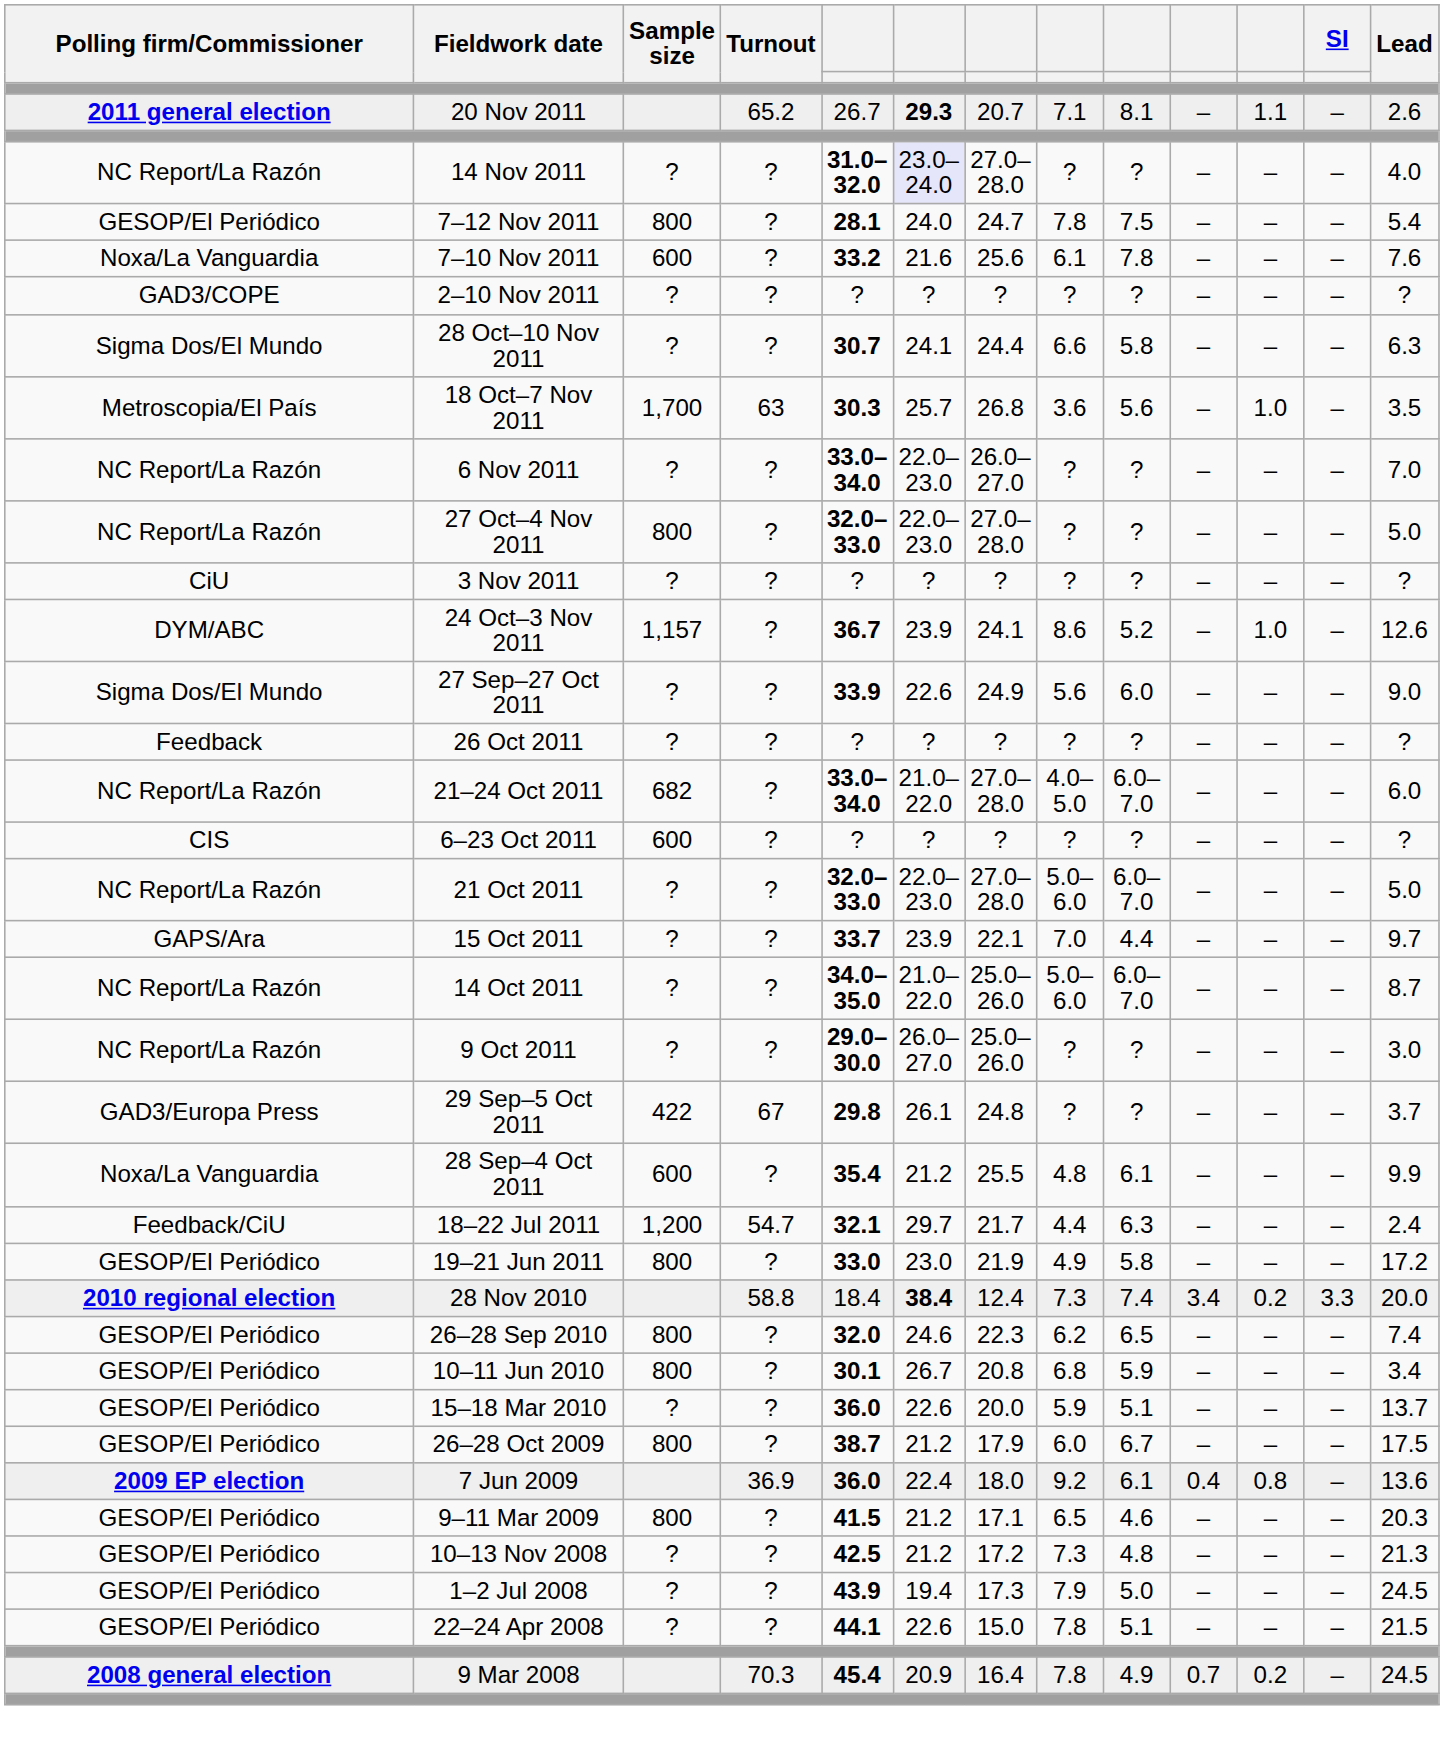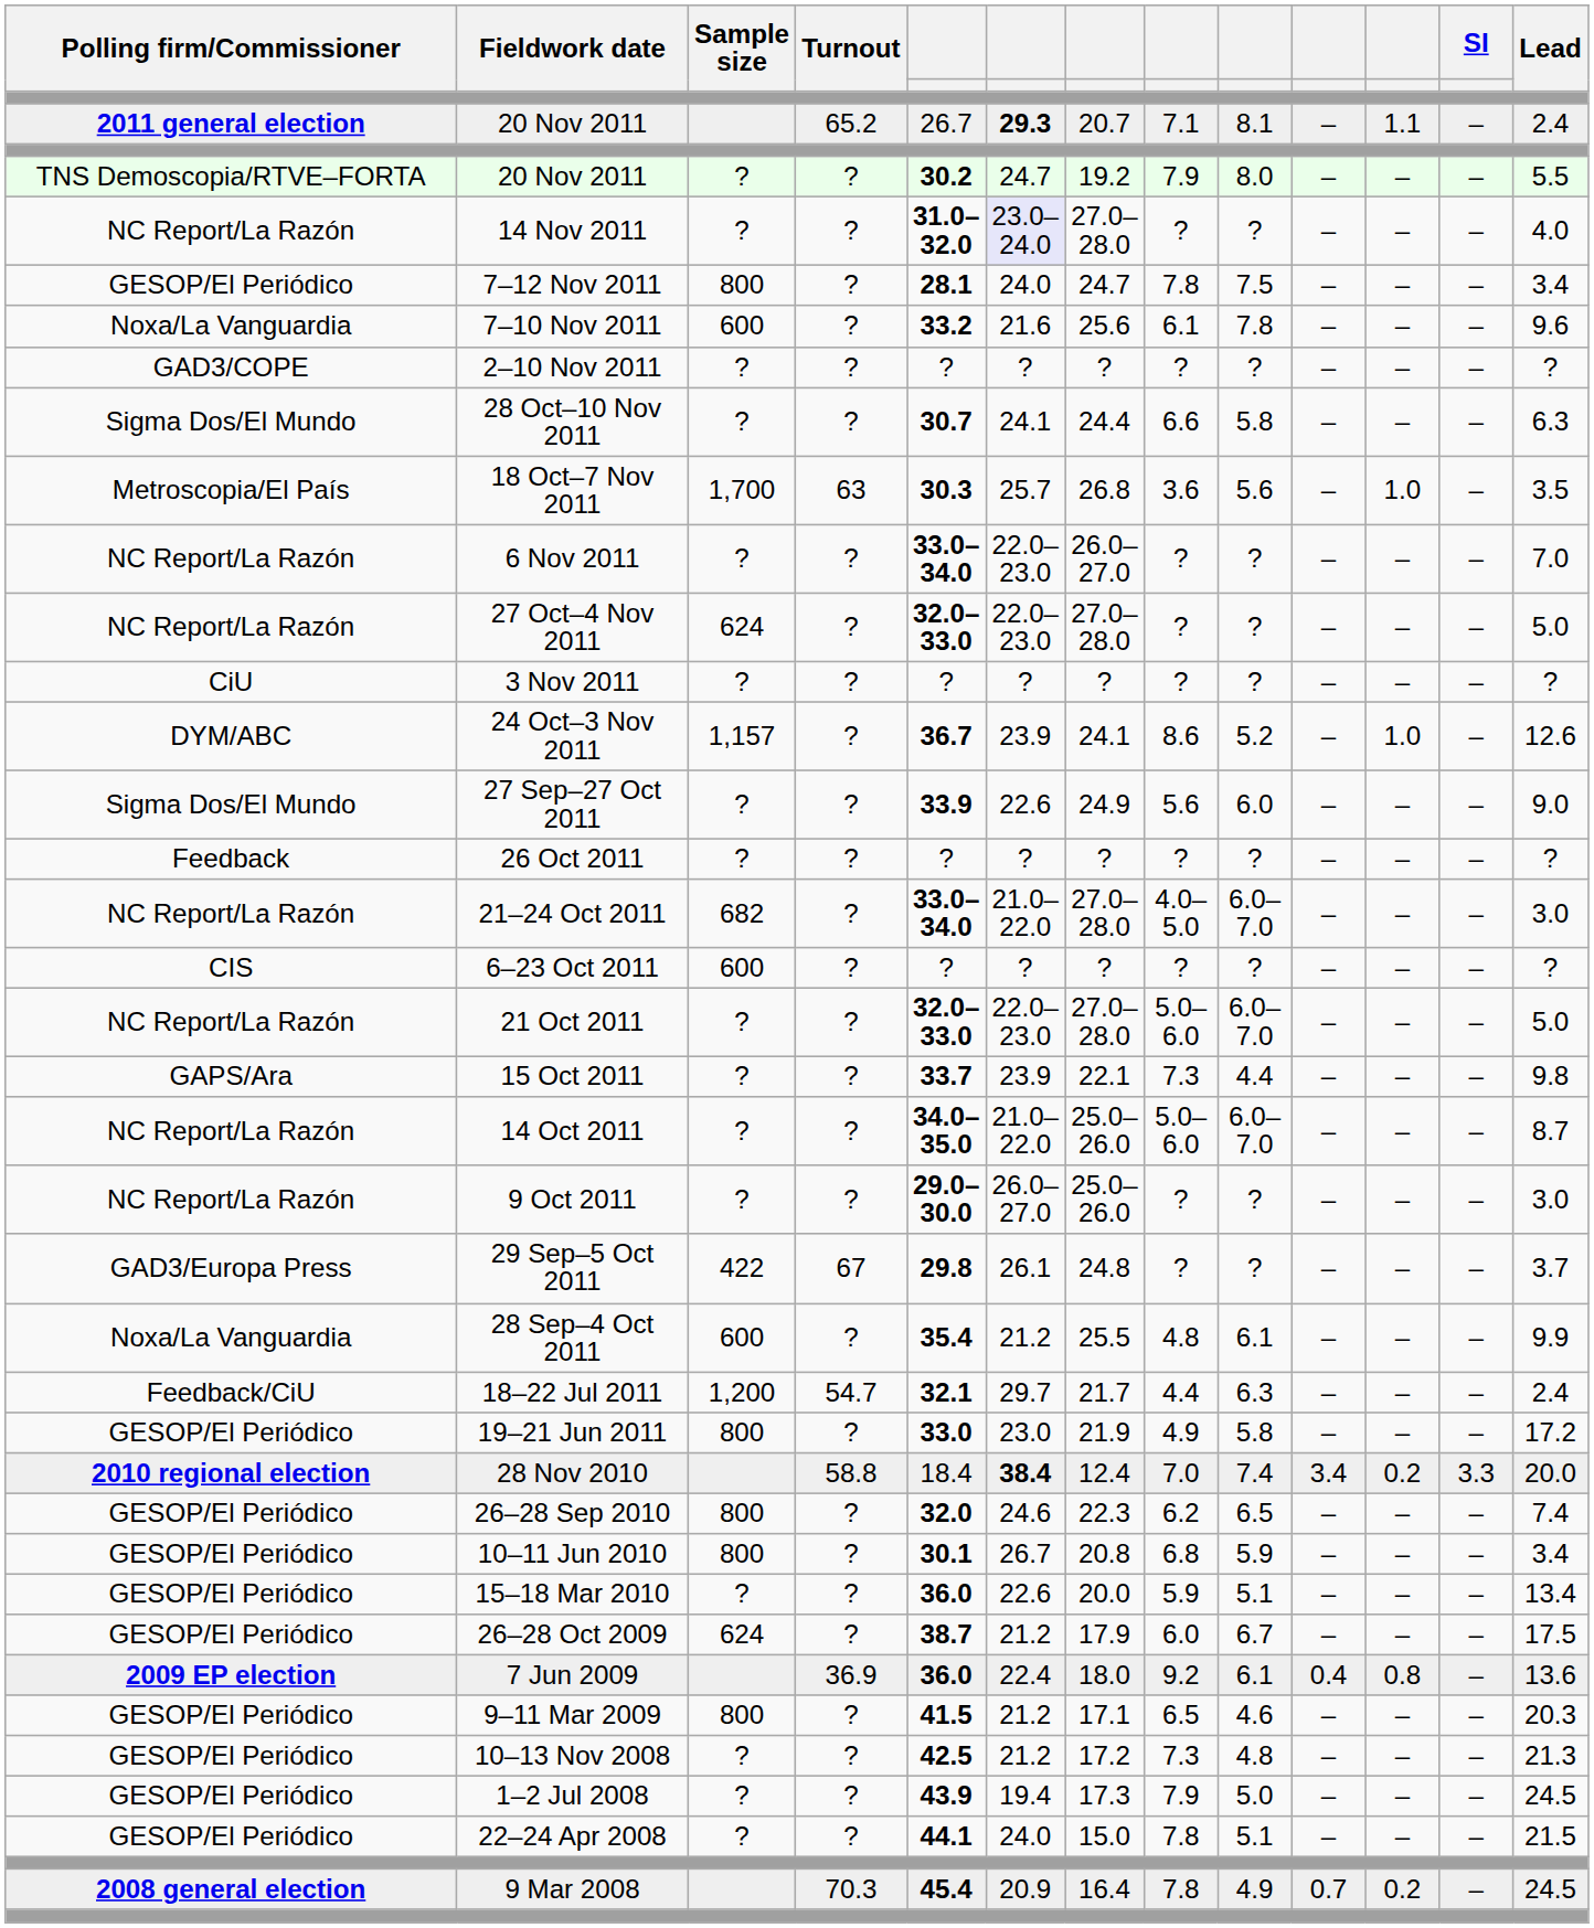 <table class="wikitable collapsible collapsed" style="text-align:center; font-size:95%; line-height:16px;">
 <tr style="height:42px;">
 <th style="width:250px;" rowspan="2">Polling firm/Commissioner</th>
 <th style="width:125px;" rowspan="2">Fieldwork date</th>
 <th style="width:50px;" rowspan="2">Sample size</th>
 <th style="width:45px;" rowspan="2">Turnout</th>
 <th style="width:35px;"></th>
 <th style="width:35px;"></th>
 <th style="width:35px;"></th>
 <th style="width:35px;"></th>
 <th style="width:35px;"></th>
 <th style="width:35px;"></th>
 <th style="width:35px;"></th>
 <th style="width:35px;"><a href='#'>SI</a></th>
 <th style="width:30px;" rowspan="2">Lead</th>
 </tr>
 <tr>
 <th style="color:inherit;background:"></th>
 <th style="color:inherit;background:"></th>
 <th style="color:inherit;background:"></th>
 <th style="color:inherit;background:"></th>
 <th style="color:inherit;background:"></th>
 <th style="color:inherit;background:"></th>
 <th style="color:inherit;background:"></th>
 <th style="color:inherit;background:"></th>
 </tr>
 <tr>
 <td colspan="13" style="background:#A0A0A0"></td>
 </tr>
 <tr style="background:#EFEFEF;">
 <td><strong><a href='#'>2011 general election</a></strong></td>
 <td>20 Nov 2011</td>
 <td></td>
 <td>65.2</td>
 <td>26.7<br></td>
 <td><strong>29.3</strong><br></td>
 <td>20.7<br></td>
 <td>7.1<br></td>
 <td>8.1<br></td>
 <td>–</td>
 <td>1.1<br></td>
 <td>–</td>
-<td style="background:">2.6</td>
+<td style="background:">2.4</td>
 </tr>
 <tr>
 <td colspan="13" style="background:#A0A0A0"></td>
+</tr>
+<tr style="background:#EAFFEA;">
+<td>TNS Demoscopia/RTVE–FORTA</td>
+<td>20 Nov 2011</td>
+<td>?</td>
+<td>?</td>
+<td><strong>30.2</strong><br></td>
+<td>24.7<br></td>
+<td>19.2<br></td>
+<td>7.9<br></td>
+<td>8.0<br></td>
+<td>–</td>
+<td>–</td>
+<td>–</td>
+<td style="background:">5.5</td>
 </tr>
 <tr>
 <td>NC Report/La Razón</td>
 <td>14 Nov 2011</td>
 <td>?</td>
 <td>?</td>
 <td><strong>31.0–<br>32.0</strong><br></td>
 <td style="background: lavender;">23.0–<br>24.0<br></td>
 <td>27.0–<br>28.0<br></td>
 <td>?<br></td>
 <td>?<br></td>
 <td>–</td>
 <td>–</td>
 <td>–</td>
 <td style="background:">4.0</td>
 </tr>
 <tr>
 <td>GESOP/El Periódico</td>
 <td>7–12 Nov 2011</td>
 <td>800</td>
 <td>?</td>
 <td><strong>28.1</strong><br></td>
 <td>24.0<br></td>
 <td>24.7<br></td>
 <td>7.8<br></td>
 <td>7.5<br></td>
 <td>–</td>
 <td>–</td>
 <td>–</td>
-<td style="background:">5.4</td>
+<td style="background:">3.4</td>
 </tr>
 <tr>
 <td>Noxa/La Vanguardia</td>
 <td>7–10 Nov 2011</td>
 <td>600</td>
 <td>?</td>
 <td><strong>33.2</strong><br></td>
 <td>21.6<br></td>
 <td>25.6<br></td>
 <td>6.1<br></td>
 <td>7.8<br></td>
 <td>–</td>
 <td>–</td>
 <td>–</td>
-<td style="background:">7.6</td>
+<td style="background:">9.6</td>
 </tr>
 <tr>
 <td>GAD3/COPE</td>
 <td>2–10 Nov 2011</td>
 <td>?</td>
 <td>?</td>
 <td>?<br></td>
 <td>?<br></td>
 <td>?<br></td>
 <td>?<br></td>
 <td>?<br></td>
 <td>–</td>
 <td>–</td>
 <td>–</td>
 <td style="background:">?</td>
 </tr>
 <tr>
 <td>Sigma Dos/El Mundo</td>
 <td>28 Oct–10 Nov 2011</td>
 <td>?</td>
 <td>?</td>
 <td><strong>30.7</strong><br></td>
 <td>24.1<br></td>
 <td>24.4<br></td>
 <td>6.6<br></td>
 <td>5.8<br></td>
 <td>–</td>
 <td>–</td>
 <td>–</td>
 <td style="background:">6.3</td>
 </tr>
 <tr>
 <td>Metroscopia/El País</td>
 <td>18 Oct–7 Nov 2011</td>
 <td>1,700</td>
 <td>63</td>
 <td><strong>30.3</strong><br></td>
 <td>25.7<br></td>
 <td>26.8<br></td>
 <td>3.6<br></td>
 <td>5.6<br></td>
 <td>–</td>
 <td>1.0<br></td>
 <td>–</td>
 <td style="background:">3.5</td>
 </tr>
 <tr>
 <td>NC Report/La Razón</td>
 <td>6 Nov 2011</td>
 <td>?</td>
 <td>?</td>
 <td><strong>33.0–<br>34.0</strong><br></td>
 <td>22.0–<br>23.0<br></td>
 <td>26.0–<br>27.0<br></td>
 <td>?<br></td>
 <td>?<br></td>
 <td>–</td>
 <td>–</td>
 <td>–</td>
 <td style="background:">7.0</td>
 </tr>
 <tr>
 <td>NC Report/La Razón</td>
 <td>27 Oct–4 Nov 2011</td>
-<td>800</td>
+<td>624</td>
 <td>?</td>
 <td><strong>32.0–<br>33.0</strong><br></td>
 <td>22.0–<br>23.0<br></td>
 <td>27.0–<br>28.0<br></td>
 <td>?<br></td>
 <td>?<br></td>
 <td>–</td>
 <td>–</td>
 <td>–</td>
 <td style="background:">5.0</td>
 </tr>
 <tr>
 <td>CiU</td>
 <td>3 Nov 2011</td>
 <td>?</td>
 <td>?</td>
 <td>?<br></td>
 <td>?<br></td>
 <td>?<br></td>
 <td>?<br></td>
 <td>?<br></td>
 <td>–</td>
 <td>–</td>
 <td>–</td>
 <td style="background:">?</td>
 </tr>
 <tr>
 <td>DYM/ABC</td>
 <td>24 Oct–3 Nov 2011</td>
 <td>1,157</td>
 <td>?</td>
 <td><strong>36.7</strong><br></td>
 <td>23.9<br></td>
 <td>24.1<br></td>
 <td>8.6<br></td>
 <td>5.2<br></td>
 <td>–</td>
 <td>1.0<br></td>
 <td>–</td>
 <td style="background:">12.6</td>
 </tr>
 <tr>
 <td>Sigma Dos/El Mundo</td>
 <td>27 Sep–27 Oct 2011</td>
 <td>?</td>
 <td>?</td>
 <td><strong>33.9</strong><br></td>
 <td>22.6<br></td>
 <td>24.9<br></td>
 <td>5.6<br></td>
 <td>6.0<br></td>
 <td>–</td>
 <td>–</td>
 <td>–</td>
 <td style="background:">9.0</td>
 </tr>
 <tr>
 <td>Feedback</td>
 <td>26 Oct 2011</td>
 <td>?</td>
 <td>?</td>
 <td>?<br></td>
 <td>?<br></td>
 <td>?<br></td>
 <td>?<br></td>
 <td>?<br></td>
 <td>–</td>
 <td>–</td>
 <td>–</td>
 <td style="background:">?</td>
 </tr>
 <tr>
 <td>NC Report/La Razón</td>
 <td>21–24 Oct 2011</td>
 <td>682</td>
 <td>?</td>
 <td><strong>33.0–<br>34.0</strong><br></td>
 <td>21.0–<br>22.0<br></td>
 <td>27.0–<br>28.0<br></td>
 <td>4.0–<br>5.0<br></td>
 <td>6.0–<br>7.0<br></td>
 <td>–</td>
 <td>–</td>
 <td>–</td>
-<td style="background:">6.0</td>
+<td style="background:">3.0</td>
 </tr>
 <tr>
 <td>CIS</td>
 <td>6–23 Oct 2011</td>
 <td>600</td>
 <td>?</td>
 <td>?<br></td>
 <td>?<br></td>
 <td>?<br></td>
 <td>?<br></td>
 <td>?<br></td>
 <td>–</td>
 <td>–</td>
 <td>–</td>
 <td style="background:">?</td>
 </tr>
 <tr>
 <td>NC Report/La Razón</td>
 <td>21 Oct 2011</td>
 <td>?</td>
 <td>?</td>
 <td><strong>32.0–<br>33.0</strong><br></td>
 <td>22.0–<br>23.0<br></td>
 <td>27.0–<br>28.0<br></td>
 <td>5.0–<br>6.0<br></td>
 <td>6.0–<br>7.0<br></td>
 <td>–</td>
 <td>–</td>
 <td>–</td>
 <td style="background:">5.0</td>
 </tr>
 <tr>
 <td>GAPS/Ara</td>
 <td>15 Oct 2011</td>
 <td>?</td>
 <td>?</td>
 <td><strong>33.7</strong><br></td>
 <td>23.9<br></td>
 <td>22.1<br></td>
-<td>7.0<br></td>
+<td>7.3<br></td>
 <td>4.4<br></td>
 <td>–</td>
 <td>–</td>
 <td>–</td>
-<td style="background:">9.7</td>
+<td style="background:">9.8</td>
 </tr>
 <tr>
 <td>NC Report/La Razón</td>
 <td>14 Oct 2011</td>
 <td>?</td>
 <td>?</td>
 <td><strong>34.0–<br>35.0</strong><br></td>
 <td>21.0–<br>22.0<br></td>
 <td>25.0–<br>26.0<br></td>
 <td>5.0–<br>6.0<br></td>
 <td>6.0–<br>7.0<br></td>
 <td>–</td>
 <td>–</td>
 <td>–</td>
 <td style="background:">8.7</td>
 </tr>
 <tr>
 <td>NC Report/La Razón</td>
 <td>9 Oct 2011</td>
 <td>?</td>
 <td>?</td>
 <td><strong>29.0–<br>30.0</strong><br></td>
 <td>26.0–<br>27.0<br></td>
 <td>25.0–<br>26.0<br></td>
 <td>?<br></td>
 <td>?<br></td>
 <td>–</td>
 <td>–</td>
 <td>–</td>
 <td style="background:">3.0</td>
 </tr>
 <tr>
 <td>GAD3/Europa Press</td>
 <td>29 Sep–5 Oct 2011</td>
 <td>422</td>
 <td>67</td>
 <td><strong>29.8</strong><br></td>
 <td>26.1<br></td>
 <td>24.8<br></td>
 <td>?<br></td>
 <td>?<br></td>
 <td>–</td>
 <td>–</td>
 <td>–</td>
 <td style="background:">3.7</td>
 </tr>
 <tr>
 <td>Noxa/La Vanguardia</td>
 <td>28 Sep–4 Oct 2011</td>
 <td>600</td>
 <td>?</td>
 <td><strong>35.4</strong><br></td>
 <td>21.2<br></td>
 <td>25.5<br></td>
 <td>4.8<br></td>
 <td>6.1<br></td>
 <td>–</td>
 <td>–</td>
 <td>–</td>
 <td style="background:">9.9</td>
 </tr>
 <tr>
 <td>Feedback/CiU</td>
 <td>18–22 Jul 2011</td>
 <td>1,200</td>
 <td>54.7</td>
 <td><strong>32.1</strong><br></td>
 <td>29.7<br></td>
 <td>21.7<br></td>
 <td>4.4<br></td>
 <td>6.3<br></td>
 <td>–</td>
 <td>–</td>
 <td>–</td>
 <td style="background:">2.4</td>
 </tr>
 <tr>
 <td>GESOP/El Periódico</td>
 <td>19–21 Jun 2011</td>
 <td>800</td>
 <td>?</td>
 <td><strong>33.0</strong><br></td>
 <td>23.0<br></td>
 <td>21.9<br></td>
 <td>4.9<br></td>
 <td>5.8<br></td>
 <td>–</td>
 <td>–</td>
 <td>–</td>
 <td style="background:">17.2</td>
 </tr>
 <tr style="background:#EFEFEF;">
 <td><strong><a href='#'>2010 regional election</a></strong></td>
 <td>28 Nov 2010</td>
 <td></td>
 <td>58.8</td>
 <td>18.4<br></td>
 <td><strong>38.4</strong><br></td>
 <td>12.4<br></td>
-<td>7.3<br></td>
+<td>7.0<br></td>
 <td>7.4<br></td>
 <td>3.4<br></td>
 <td>0.2<br></td>
 <td>3.3<br></td>
 <td style="background:">20.0</td>
 </tr>
 <tr>
 <td>GESOP/El Periódico</td>
 <td>26–28 Sep 2010</td>
 <td>800</td>
 <td>?</td>
 <td><strong>32.0</strong><br></td>
 <td>24.6<br></td>
 <td>22.3<br></td>
 <td>6.2<br></td>
 <td>6.5<br></td>
 <td>–</td>
 <td>–</td>
 <td>–</td>
 <td style="background:">7.4</td>
 </tr>
 <tr>
 <td>GESOP/El Periódico</td>
 <td>10–11 Jun 2010</td>
 <td>800</td>
 <td>?</td>
 <td><strong>30.1</strong></td>
 <td>26.7</td>
 <td>20.8</td>
 <td>6.8</td>
 <td>5.9</td>
 <td>–</td>
 <td>–</td>
 <td>–</td>
 <td style="background:">3.4</td>
 </tr>
 <tr>
 <td>GESOP/El Periódico</td>
 <td>15–18 Mar 2010</td>
 <td>?</td>
 <td>?</td>
 <td><strong>36.0</strong><br></td>
 <td>22.6<br></td>
 <td>20.0<br></td>
 <td>5.9<br></td>
 <td>5.1<br></td>
 <td>–</td>
 <td>–</td>
 <td>–</td>
-<td style="background:">13.7</td>
+<td style="background:">13.4</td>
 </tr>
 <tr>
 <td>GESOP/El Periódico</td>
 <td>26–28 Oct 2009</td>
-<td>800</td>
+<td>624</td>
 <td>?</td>
 <td><strong>38.7</strong><br></td>
 <td>21.2<br></td>
 <td>17.9<br></td>
 <td>6.0<br></td>
 <td>6.7<br></td>
 <td>–</td>
 <td>–</td>
 <td>–</td>
 <td style="background:">17.5</td>
 </tr>
 <tr style="background:#EFEFEF;">
 <td><strong><a href='#'>2009 EP election</a></strong></td>
 <td>7 Jun 2009</td>
 <td></td>
 <td>36.9</td>
 <td><strong>36.0</strong><br></td>
 <td>22.4<br></td>
 <td>18.0<br></td>
 <td>9.2<br></td>
 <td>6.1<br></td>
 <td>0.4<br></td>
 <td>0.8<br></td>
 <td>–</td>
 <td style="background:">13.6</td>
 </tr>
 <tr>
 <td>GESOP/El Periódico</td>
 <td>9–11 Mar 2009</td>
 <td>800</td>
 <td>?</td>
 <td><strong>41.5</strong><br></td>
 <td>21.2<br></td>
 <td>17.1<br></td>
 <td>6.5<br></td>
 <td>4.6<br></td>
 <td>–</td>
 <td>–</td>
 <td>–</td>
 <td style="background:">20.3</td>
 </tr>
 <tr>
 <td>GESOP/El Periódico</td>
 <td>10–13 Nov 2008</td>
 <td>?</td>
 <td>?</td>
 <td><strong>42.5</strong><br></td>
 <td>21.2<br></td>
 <td>17.2<br></td>
 <td>7.3<br></td>
 <td>4.8<br></td>
 <td>–</td>
 <td>–</td>
 <td>–</td>
 <td style="background:">21.3</td>
 </tr>
 <tr>
 <td>GESOP/El Periódico</td>
 <td>1–2 Jul 2008</td>
 <td>?</td>
 <td>?</td>
 <td><strong>43.9</strong><br></td>
 <td>19.4<br></td>
 <td>17.3<br></td>
 <td>7.9<br></td>
 <td>5.0<br></td>
 <td>–</td>
 <td>–</td>
 <td>–</td>
 <td style="background:">24.5</td>
 </tr>
 <tr>
 <td>GESOP/El Periódico</td>
 <td>22–24 Apr 2008</td>
 <td>?</td>
 <td>?</td>
 <td><strong>44.1</strong><br></td>
-<td>22.6<br></td>
+<td>24.0<br></td>
 <td>15.0<br></td>
 <td>7.8<br></td>
 <td>5.1<br></td>
 <td>–</td>
 <td>–</td>
 <td>–</td>
 <td style="background:">21.5</td>
 </tr>
 <tr>
 <td colspan="13" style="background:#A0A0A0"></td>
 </tr>
 <tr style="background:#EFEFEF;">
 <td><strong><a href='#'>2008 general election</a></strong></td>
 <td>9 Mar 2008</td>
 <td></td>
 <td>70.3</td>
 <td><strong>45.4</strong><br></td>
 <td>20.9<br></td>
 <td>16.4<br></td>
 <td>7.8<br></td>
 <td>4.9<br></td>
 <td>0.7<br></td>
 <td>0.2<br></td>
 <td>–</td>
 <td style="background:">24.5</td>
 </tr>
 <tr>
 <td colspan="13" style="background:#A0A0A0"></td>
 </tr>
 </table>
